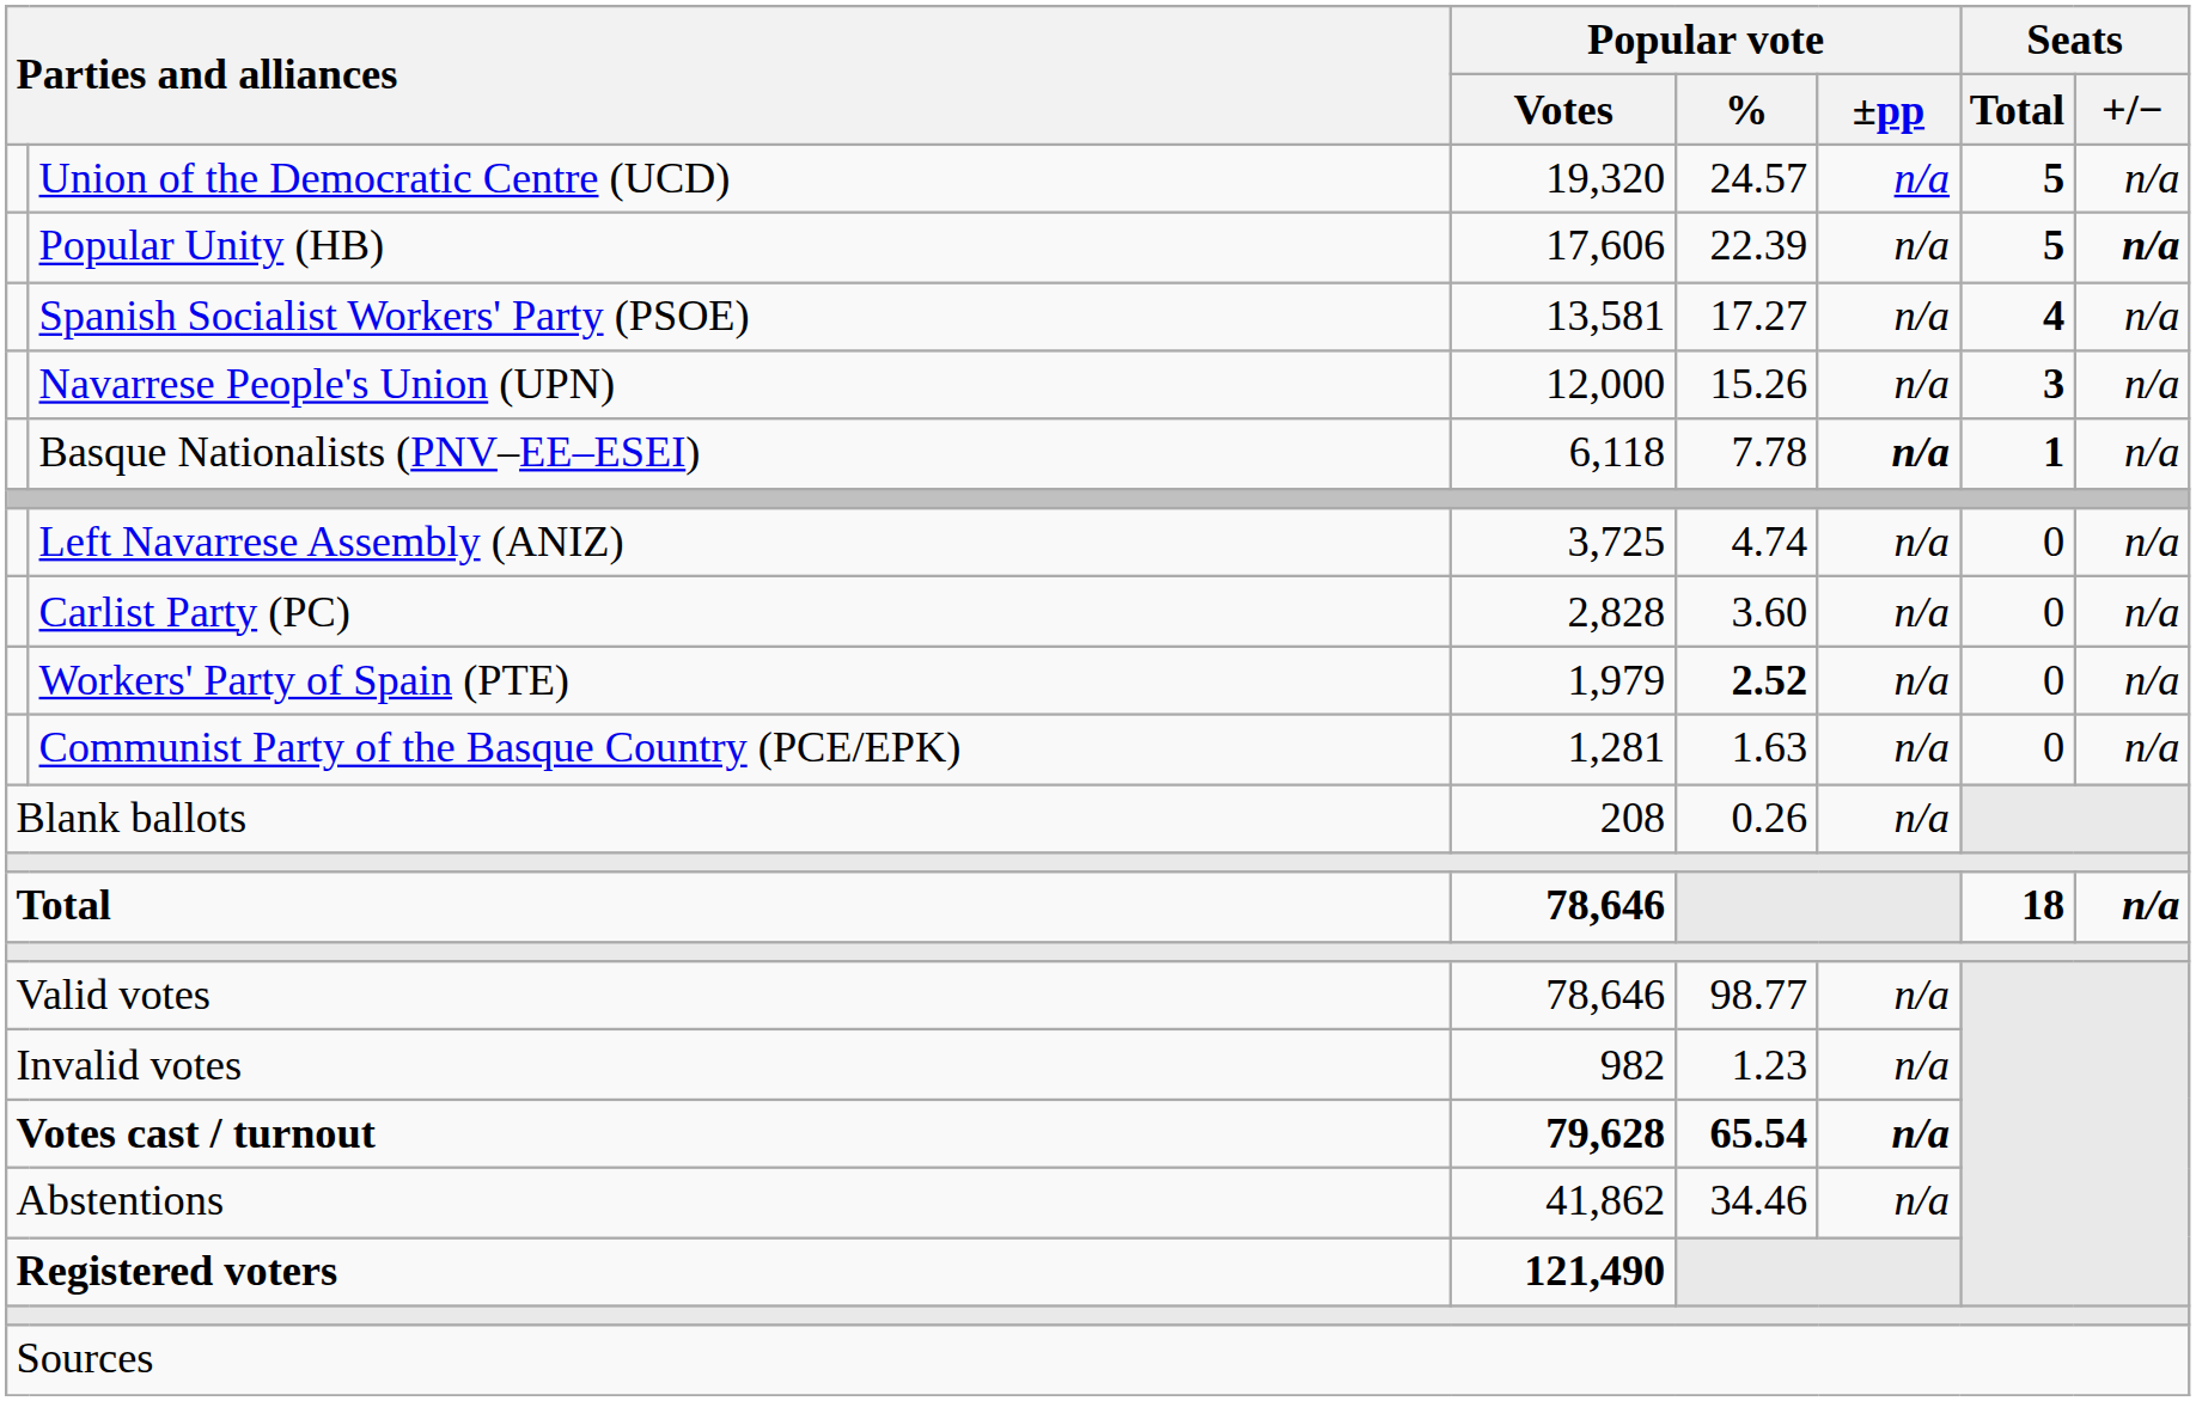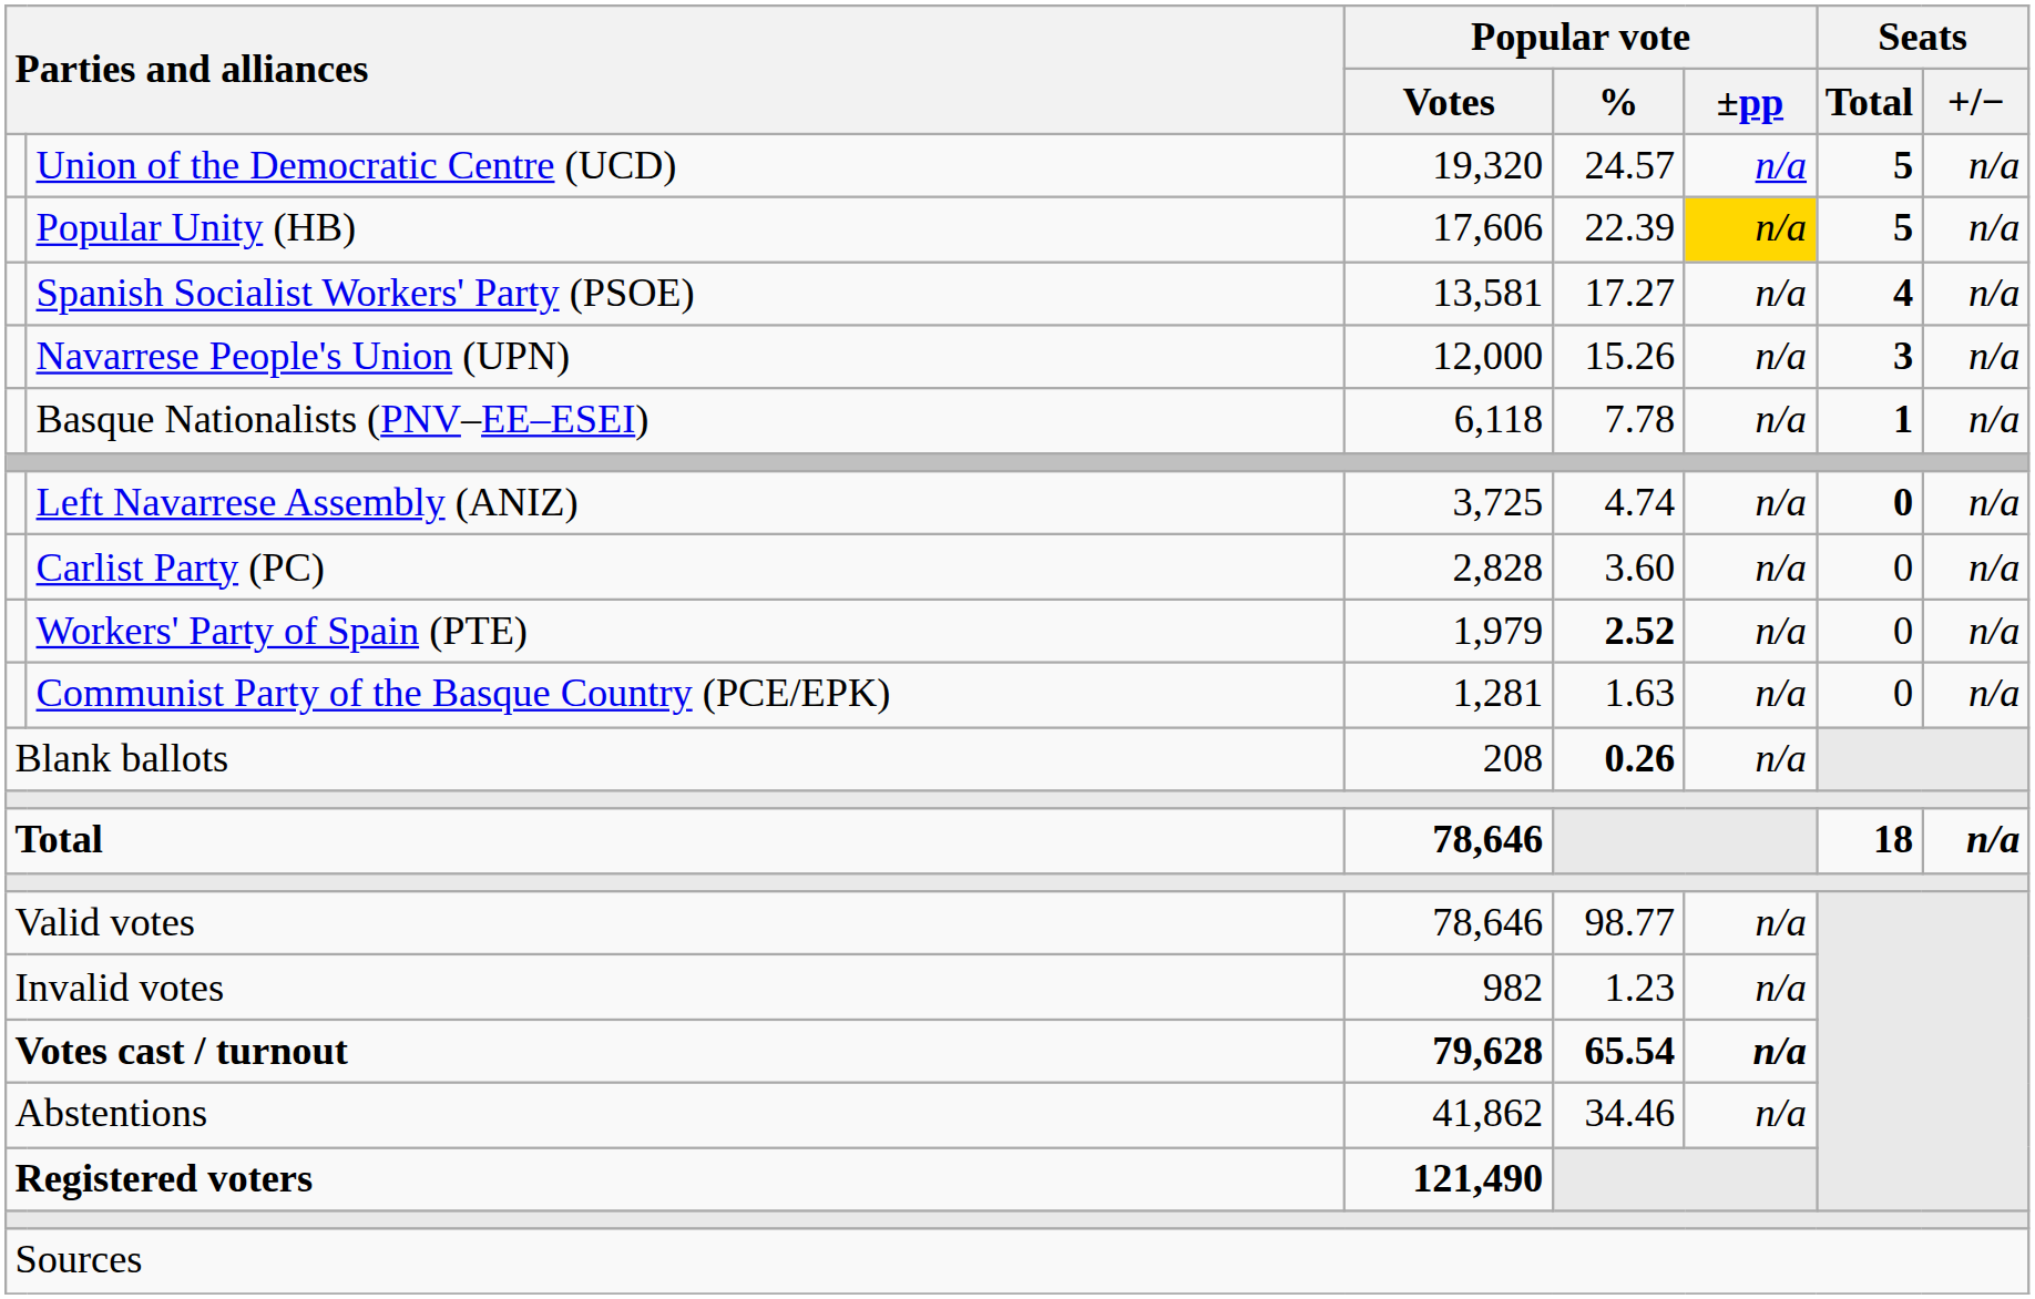 <table class="wikitable" style="text-align:right;">
 <tr>
 <th style="text-align:left;" rowspan="2" colspan="2" width="525">Parties and alliances</th>
 <th colspan="3">Popular vote</th>
 <th colspan="2">Seats</th>
 </tr>
 <tr>
 <th width="75">Votes</th>
 <th width="45">%</th>
 <th width="45">±<a href='#'>pp</a></th>
 <th width="35">Total</th>
 <th width="35">+/−</th>
 </tr>
 <tr>
 <td width="1" style="color:inherit;background:"></td>
 <td align="left"><a href='#'>Union of the Democratic Centre</a> (UCD)</td>
 <td>19,320</td>
 <td>24.57</td>
 <td><em><a href='#'>n/a</a></em></td>
 <td><strong>5</strong></td>
 <td><em>n/a</em></td>
 </tr>
 <tr>
 <td style="color:inherit;background:"></td>
 <td align="left"><a href='#'>Popular Unity</a> (HB)</td>
 <td>17,606</td>
 <td>22.39</td>
+<td style="background: gold;"><em>n/a</em></td>
+<td><strong>5</strong></td>
 <td><em>n/a</em></td>
-<td><strong>5</strong></td>
-<td><strong><em>n/a</em></strong></td>
 </tr>
 <tr>
 <td style="color:inherit;background:"></td>
 <td align="left"><a href='#'>Spanish Socialist Workers' Party</a> (PSOE)</td>
 <td>13,581</td>
 <td>17.27</td>
 <td><em>n/a</em></td>
 <td><strong>4</strong></td>
 <td><em>n/a</em></td>
 </tr>
 <tr>
 <td style="color:inherit;background:"></td>
 <td align="left"><a href='#'>Navarrese People's Union</a> (UPN)</td>
 <td>12,000</td>
 <td>15.26</td>
 <td><em>n/a</em></td>
 <td><strong>3</strong></td>
 <td><em>n/a</em></td>
 </tr>
 <tr>
 <td style="color:inherit;background:"></td>
 <td align="left">Basque Nationalists (<a href='#'>PNV</a>–<a href='#'>EE–ESEI</a>)</td>
 <td>6,118</td>
 <td>7.78</td>
-<td><strong><em>n/a</em></strong></td>
+<td><em>n/a</em></td>
 <td><strong>1</strong></td>
 <td><em>n/a</em></td>
 </tr>
 <tr>
 <td colspan="7" bgcolor="#C0C0C0"></td>
 </tr>
 <tr>
 <td style="color:inherit;background:"></td>
 <td align="left"><a href='#'>Left Navarrese Assembly</a> (ANIZ)</td>
 <td>3,725</td>
 <td>4.74</td>
 <td><em>n/a</em></td>
-<td>0</td>
+<td><strong>0</strong></td>
 <td><em>n/a</em></td>
 </tr>
 <tr>
 <td style="color:inherit;background:"></td>
 <td align="left"><a href='#'>Carlist Party</a> (PC)</td>
 <td>2,828</td>
 <td>3.60</td>
 <td><em>n/a</em></td>
 <td>0</td>
 <td><em>n/a</em></td>
 </tr>
 <tr>
 <td style="color:inherit;background:"></td>
 <td align="left"><a href='#'>Workers' Party of Spain</a> (PTE)</td>
 <td>1,979</td>
 <td><strong>2.52</strong></td>
 <td><em>n/a</em></td>
 <td>0</td>
 <td><em>n/a</em></td>
 </tr>
 <tr>
 <td style="color:inherit;background:"></td>
 <td align="left"><a href='#'>Communist Party of the Basque Country</a> (PCE/EPK)</td>
 <td>1,281</td>
 <td>1.63</td>
 <td><em>n/a</em></td>
 <td>0</td>
 <td><em>n/a</em></td>
 </tr>
 <tr>
 <td align="left" colspan="2">Blank ballots</td>
 <td>208</td>
-<td>0.26</td>
+<td><strong>0.26</strong></td>
 <td><em>n/a</em></td>
 <td bgcolor="#E9E9E9" colspan="2"></td>
 </tr>
 <tr>
 <td colspan="7" bgcolor="#E9E9E9"></td>
 </tr>
 <tr style="font-weight:bold;">
 <td align="left" colspan="2">Total</td>
 <td>78,646</td>
 <td bgcolor="#E9E9E9" colspan="2"></td>
 <td>18</td>
 <td><em>n/a</em></td>
 </tr>
 <tr>
 <td colspan="7" bgcolor="#E9E9E9"></td>
 </tr>
 <tr>
 <td align="left" colspan="2">Valid votes</td>
 <td>78,646</td>
 <td>98.77</td>
 <td><em>n/a</em></td>
 <td bgcolor="#E9E9E9" colspan="2" rowspan="5"></td>
 </tr>
 <tr>
 <td align="left" colspan="2">Invalid votes</td>
 <td>982</td>
 <td>1.23</td>
 <td><em>n/a</em></td>
 </tr>
 <tr style="font-weight:bold;">
 <td align="left" colspan="2">Votes cast / turnout</td>
 <td>79,628</td>
 <td>65.54</td>
 <td><em>n/a</em></td>
 </tr>
 <tr>
 <td align="left" colspan="2">Abstentions</td>
 <td>41,862</td>
 <td>34.46</td>
 <td><em>n/a</em></td>
 </tr>
 <tr style="font-weight:bold;">
 <td align="left" colspan="2">Registered voters</td>
 <td>121,490</td>
 <td bgcolor="#E9E9E9" colspan="2"></td>
 </tr>
 <tr>
 <td colspan="7" bgcolor="#E9E9E9"></td>
 </tr>
 <tr>
 <td align="left" colspan="7">Sources</td>
 </tr>
 </table>
